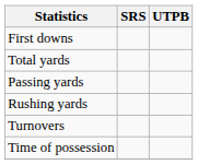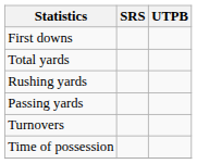 <table class="wikitable" style="float: left;">
 <tr>
 <th>Statistics</th>
 <th>SRS</th>
 <th>UTPB</th>
 </tr>
 <tr>
 <td>First downs</td>
 <td></td>
 <td></td>
 </tr>
 <tr>
 <td>Total yards</td>
 <td></td>
 <td></td>
 </tr>
 <tr>
-<td>Passing yards</td>
+<td>Rushing yards</td>
 <td></td>
 <td></td>
 </tr>
 <tr>
-<td>Rushing yards</td>
+<td>Passing yards</td>
 <td></td>
 <td></td>
 </tr>
 <tr>
 <td>Turnovers</td>
 <td></td>
 <td></td>
 </tr>
 <tr>
 <td>Time of possession</td>
 <td></td>
 <td></td>
 </tr>
 <tr>
 </tr>
 </table>
